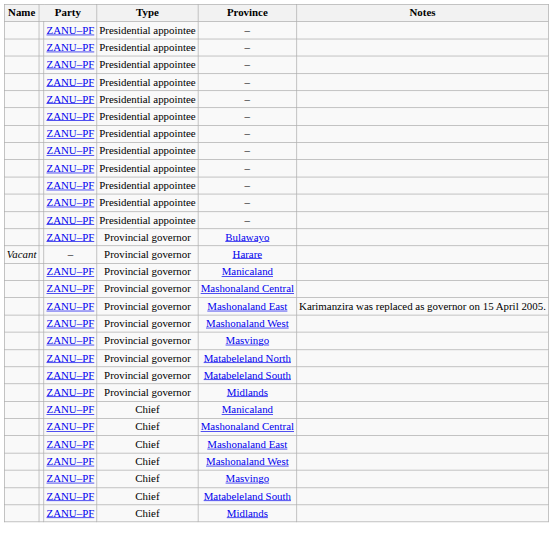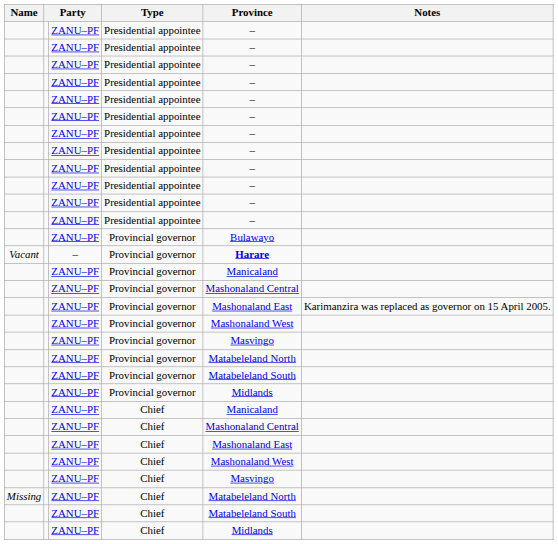 <table class="wikitable sortable" style="text-align:center">
 <tr>
 <th>Name</th>
 <th colspan="2">Party</th>
 <th>Type</th>
 <th>Province</th>
 <th>Notes</th>
 </tr>
 <tr>
 <td></td>
 <td style="background-color: "></td>
 <td><a href='#'>ZANU–PF</a></td>
 <td>Presidential appointee</td>
 <td>–</td>
 <td></td>
 </tr>
 <tr>
 <td></td>
 <td style="background-color: "></td>
 <td><a href='#'>ZANU–PF</a></td>
 <td>Presidential appointee</td>
 <td>–</td>
 <td></td>
 </tr>
 <tr>
 <td></td>
 <td style="background-color: "></td>
 <td><a href='#'>ZANU–PF</a></td>
 <td>Presidential appointee</td>
 <td>–</td>
 <td></td>
 </tr>
 <tr>
 <td></td>
 <td style="background-color: "></td>
 <td><a href='#'>ZANU–PF</a></td>
 <td>Presidential appointee</td>
 <td>–</td>
 <td></td>
 </tr>
 <tr>
 <td></td>
 <td style="background-color: "></td>
 <td><a href='#'>ZANU–PF</a></td>
 <td>Presidential appointee</td>
 <td>–</td>
 <td></td>
 </tr>
 <tr>
 <td></td>
 <td style="background-color: "></td>
 <td><a href='#'>ZANU–PF</a></td>
 <td>Presidential appointee</td>
 <td>–</td>
 <td></td>
 </tr>
 <tr>
 <td></td>
 <td style="background-color: "></td>
 <td><a href='#'>ZANU–PF</a></td>
 <td>Presidential appointee</td>
 <td>–</td>
 <td></td>
 </tr>
 <tr>
 <td></td>
 <td style="background-color: "></td>
 <td><a href='#'>ZANU–PF</a></td>
 <td>Presidential appointee</td>
 <td>–</td>
 <td></td>
 </tr>
 <tr>
 <td></td>
 <td style="background-color: "></td>
 <td><a href='#'>ZANU–PF</a></td>
 <td>Presidential appointee</td>
 <td>–</td>
 <td></td>
 </tr>
 <tr>
 <td></td>
 <td style="background-color: "></td>
 <td><a href='#'>ZANU–PF</a></td>
 <td>Presidential appointee</td>
 <td>–</td>
 <td></td>
 </tr>
 <tr>
 <td></td>
 <td style="background-color: "></td>
 <td><a href='#'>ZANU–PF</a></td>
 <td>Presidential appointee</td>
 <td>–</td>
 <td></td>
 </tr>
 <tr>
 <td></td>
 <td style="background-color: "></td>
 <td><a href='#'>ZANU–PF</a></td>
 <td>Presidential appointee</td>
 <td>–</td>
 <td></td>
 </tr>
 <tr>
 <td></td>
 <td style="background-color: "></td>
 <td><a href='#'>ZANU–PF</a></td>
 <td>Provincial governor</td>
 <td><a href='#'>Bulawayo</a></td>
 <td></td>
 </tr>
 <tr>
 <td><em>Vacant</em></td>
 <td></td>
 <td>–</td>
 <td>Provincial governor</td>
-<td><a href='#'>Harare</a></td>
+<td><strong><a href='#'>Harare</a></strong></td>
 <td></td>
 </tr>
 <tr>
 <td></td>
 <td style="background-color: "></td>
 <td><a href='#'>ZANU–PF</a></td>
 <td>Provincial governor</td>
 <td><a href='#'>Manicaland</a></td>
 <td></td>
 </tr>
 <tr>
 <td></td>
 <td style="background-color: "></td>
 <td><a href='#'>ZANU–PF</a></td>
 <td>Provincial governor</td>
 <td><a href='#'>Mashonaland Central</a></td>
 <td></td>
 </tr>
 <tr>
 <td></td>
 <td style="background-color: "></td>
 <td><a href='#'>ZANU–PF</a></td>
 <td>Provincial governor</td>
 <td><a href='#'>Mashonaland East</a></td>
 <td>Karimanzira was replaced as governor on 15 April 2005.</td>
 </tr>
 <tr>
 <td></td>
 <td style="background-color: "></td>
 <td><a href='#'>ZANU–PF</a></td>
 <td>Provincial governor</td>
 <td><a href='#'>Mashonaland West</a></td>
 <td></td>
 </tr>
 <tr>
 <td></td>
 <td style="background-color: "></td>
 <td><a href='#'>ZANU–PF</a></td>
 <td>Provincial governor</td>
 <td><a href='#'>Masvingo</a></td>
 <td></td>
 </tr>
 <tr>
 <td></td>
 <td style="background-color: "></td>
 <td><a href='#'>ZANU–PF</a></td>
 <td>Provincial governor</td>
 <td><a href='#'>Matabeleland North</a></td>
 <td></td>
 </tr>
 <tr>
 <td></td>
 <td style="background-color: "></td>
 <td><a href='#'>ZANU–PF</a></td>
 <td>Provincial governor</td>
 <td><a href='#'>Matabeleland South</a></td>
 <td></td>
 </tr>
 <tr>
 <td></td>
 <td style="background-color: "></td>
 <td><a href='#'>ZANU–PF</a></td>
 <td>Provincial governor</td>
 <td><a href='#'>Midlands</a></td>
 <td></td>
 </tr>
 <tr>
 <td></td>
 <td style="background-color: "></td>
 <td><a href='#'>ZANU–PF</a></td>
 <td>Chief</td>
 <td><a href='#'>Manicaland</a></td>
 <td></td>
 </tr>
 <tr>
 <td></td>
 <td style="background-color: "></td>
 <td><a href='#'>ZANU–PF</a></td>
 <td>Chief</td>
 <td><a href='#'>Mashonaland Central</a></td>
 <td></td>
 </tr>
 <tr>
 <td></td>
 <td style="background-color: "></td>
 <td><a href='#'>ZANU–PF</a></td>
 <td>Chief</td>
 <td><a href='#'>Mashonaland East</a></td>
 <td></td>
 </tr>
 <tr>
 <td></td>
 <td style="background-color: "></td>
 <td><a href='#'>ZANU–PF</a></td>
 <td>Chief</td>
 <td><a href='#'>Mashonaland West</a></td>
 <td></td>
 </tr>
 <tr>
 <td></td>
 <td style="background-color: "></td>
 <td><a href='#'>ZANU–PF</a></td>
 <td>Chief</td>
 <td><a href='#'>Masvingo</a></td>
 <td></td>
 </tr>
 <tr>
+<td><em>Missing</em></td>
+<td style="background-color: "></td>
+<td><a href='#'>ZANU–PF</a></td>
+<td>Chief</td>
+<td><a href='#'>Matabeleland North</a></td>
+<td></td>
+</tr>
+<tr>
 <td></td>
 <td style="background-color: "></td>
 <td><a href='#'>ZANU–PF</a></td>
 <td>Chief</td>
 <td><a href='#'>Matabeleland South</a></td>
 <td></td>
 </tr>
 <tr>
 <td></td>
 <td style="background-color: "></td>
 <td><a href='#'>ZANU–PF</a></td>
 <td>Chief</td>
 <td><a href='#'>Midlands</a></td>
 <td></td>
 </tr>
 </table>
